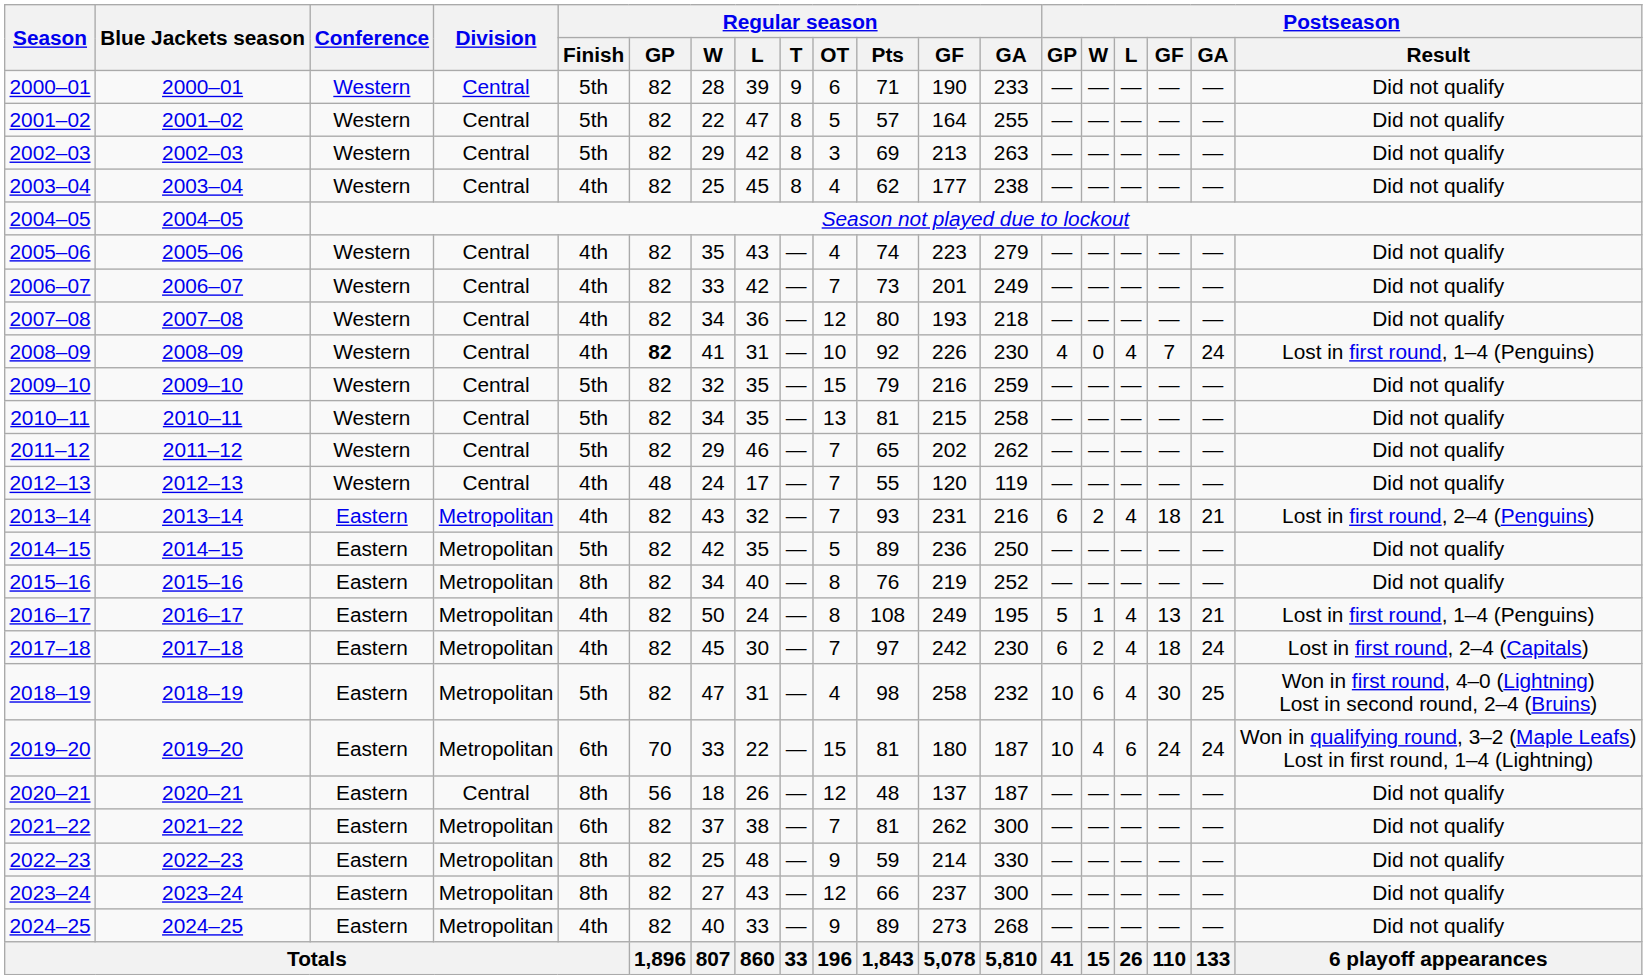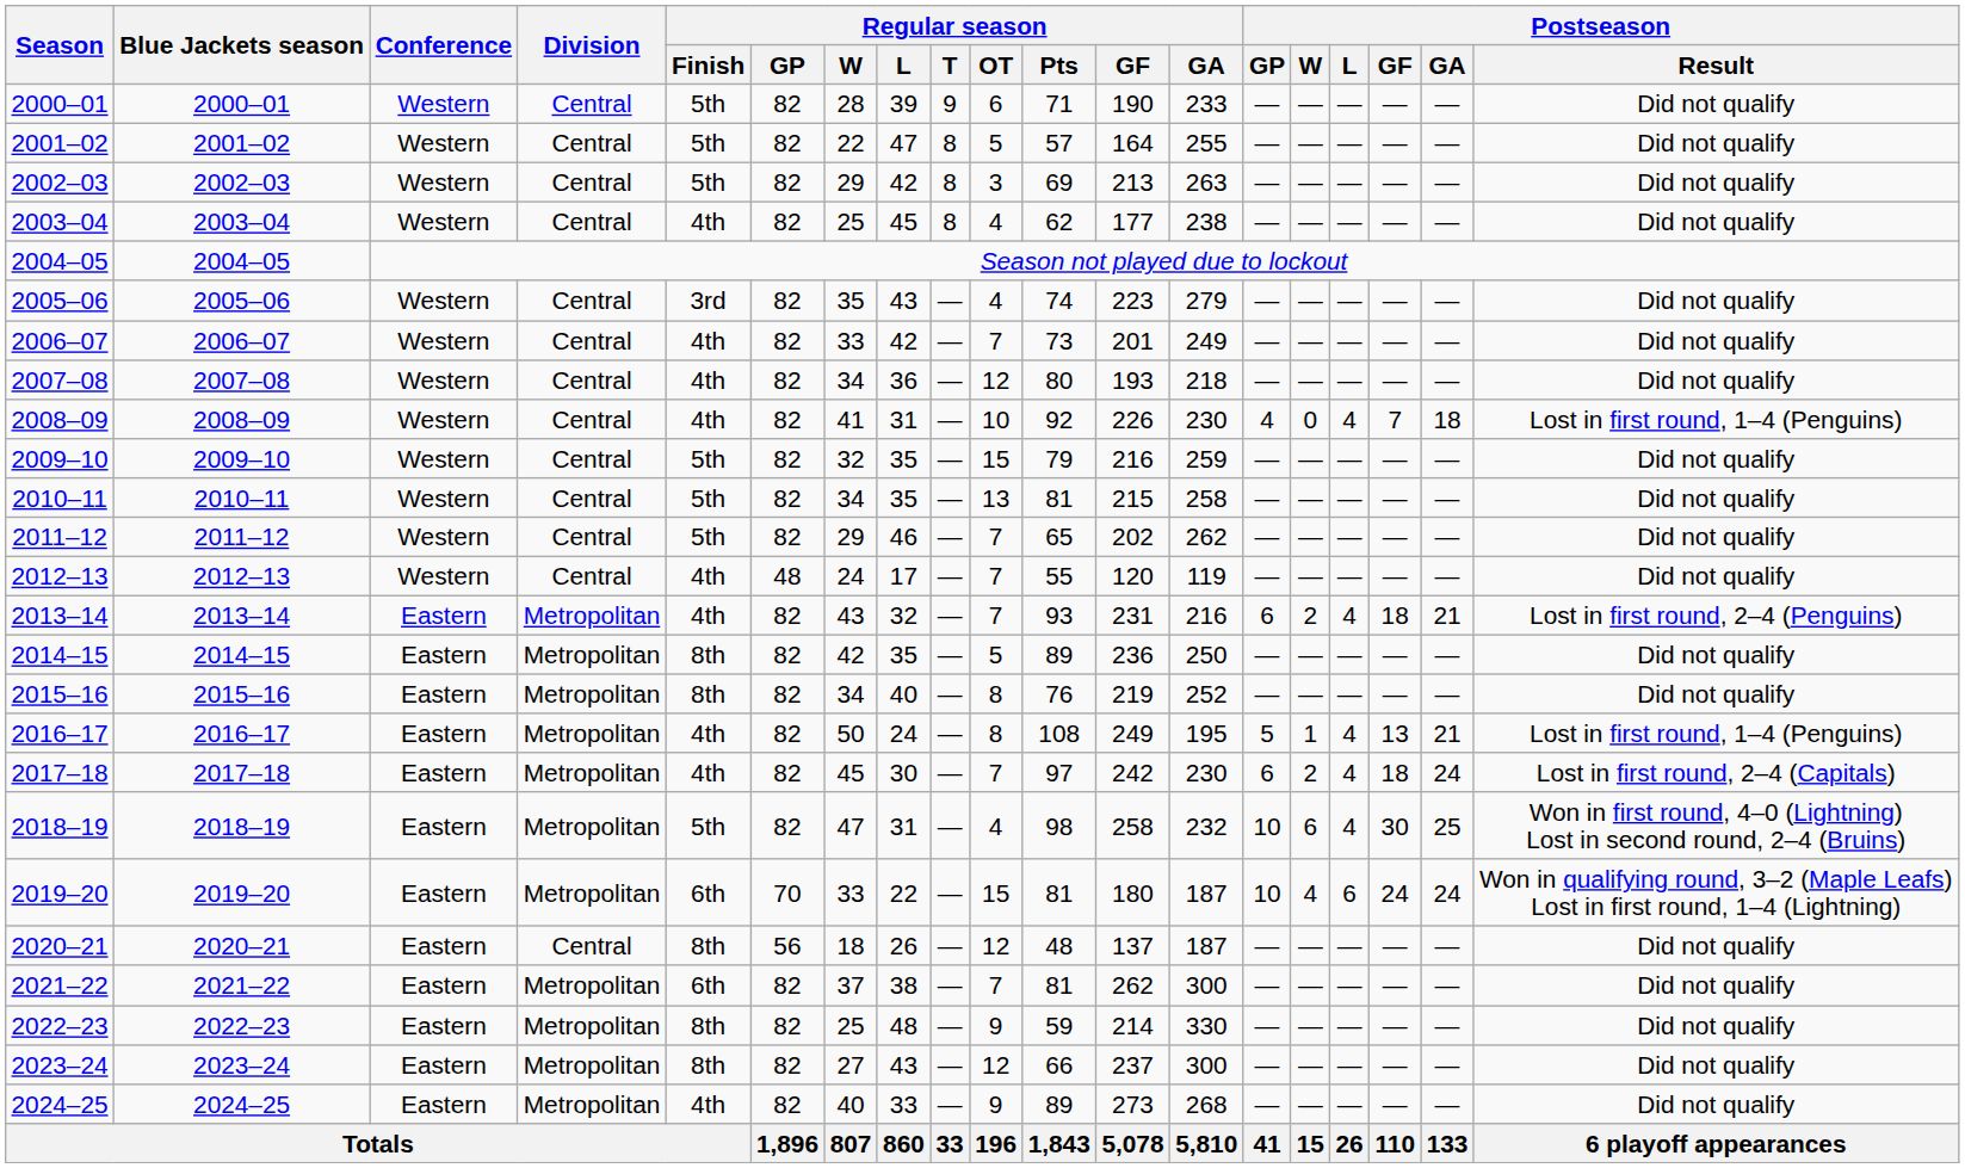 <table class="wikitable" style="text-align:center; font-size: 95%">
 <tr>
 <th rowspan="2"><a href='#'>Season</a></th>
 <th rowspan="2">Blue Jackets season</th>
 <th rowspan="2"><a href='#'>Conference</a></th>
 <th rowspan="2"><a href='#'>Division</a></th>
 <th colspan="9"><a href='#'>Regular season</a></th>
 <th colspan="6"><a href='#'>Postseason</a></th>
 </tr>
 <tr>
 <th>Finish</th>
 <th>GP</th>
 <th>W</th>
 <th>L</th>
 <th>T</th>
 <th>OT</th>
 <th>Pts</th>
 <th>GF</th>
 <th>GA</th>
 <th>GP</th>
 <th>W</th>
 <th>L</th>
 <th>GF</th>
 <th>GA</th>
 <th>Result</th>
 </tr>
 <tr>
 <td><a href='#'>2000–01</a></td>
 <td><a href='#'>2000–01</a></td>
 <td><a href='#'>Western</a></td>
 <td><a href='#'>Central</a></td>
 <td>5th</td>
 <td>82</td>
 <td>28</td>
 <td>39</td>
 <td>9</td>
 <td>6</td>
 <td>71</td>
 <td>190</td>
 <td>233</td>
 <td>—</td>
 <td>—</td>
 <td>—</td>
 <td>—</td>
 <td>—</td>
 <td>Did not qualify</td>
 </tr>
 <tr>
 <td><a href='#'>2001–02</a></td>
 <td><a href='#'>2001–02</a></td>
 <td>Western</td>
 <td>Central</td>
 <td>5th</td>
 <td>82</td>
 <td>22</td>
 <td>47</td>
 <td>8</td>
 <td>5</td>
 <td>57</td>
 <td>164</td>
 <td>255</td>
 <td>—</td>
 <td>—</td>
 <td>—</td>
 <td>—</td>
 <td>—</td>
 <td>Did not qualify</td>
 </tr>
 <tr>
 <td><a href='#'>2002–03</a></td>
 <td><a href='#'>2002–03</a></td>
 <td>Western</td>
 <td>Central</td>
 <td>5th</td>
 <td>82</td>
 <td>29</td>
 <td>42</td>
 <td>8</td>
 <td>3</td>
 <td>69</td>
 <td>213</td>
 <td>263</td>
 <td>—</td>
 <td>—</td>
 <td>—</td>
 <td>—</td>
 <td>—</td>
 <td>Did not qualify</td>
 </tr>
 <tr>
 <td><a href='#'>2003–04</a></td>
 <td><a href='#'>2003–04</a></td>
 <td>Western</td>
 <td>Central</td>
 <td>4th</td>
 <td>82</td>
 <td>25</td>
 <td>45</td>
 <td>8</td>
 <td>4</td>
 <td>62</td>
 <td>177</td>
 <td>238</td>
 <td>—</td>
 <td>—</td>
 <td>—</td>
 <td>—</td>
 <td>—</td>
 <td>Did not qualify</td>
 </tr>
 <tr>
 <td><a href='#'>2004–05</a></td>
 <td><a href='#'>2004–05</a></td>
 <td colspan=19><em><a href='#'>Season not played due to lockout</a></em></td>
 </tr>
 <tr>
 <td><a href='#'>2005–06</a></td>
 <td><a href='#'>2005–06</a></td>
 <td>Western</td>
 <td>Central</td>
-<td>4th</td>
+<td>3rd</td>
 <td>82</td>
 <td>35</td>
 <td>43</td>
 <td>—</td>
 <td>4</td>
 <td>74</td>
 <td>223</td>
 <td>279</td>
 <td>—</td>
 <td>—</td>
 <td>—</td>
 <td>—</td>
 <td>—</td>
 <td>Did not qualify</td>
 </tr>
 <tr>
 <td><a href='#'>2006–07</a></td>
 <td><a href='#'>2006–07</a></td>
 <td>Western</td>
 <td>Central</td>
 <td>4th</td>
 <td>82</td>
 <td>33</td>
 <td>42</td>
 <td>—</td>
 <td>7</td>
 <td>73</td>
 <td>201</td>
 <td>249</td>
 <td>—</td>
 <td>—</td>
 <td>—</td>
 <td>—</td>
 <td>—</td>
 <td>Did not qualify</td>
 </tr>
 <tr>
 <td><a href='#'>2007–08</a></td>
 <td><a href='#'>2007–08</a></td>
 <td>Western</td>
 <td>Central</td>
 <td>4th</td>
 <td>82</td>
 <td>34</td>
 <td>36</td>
 <td>—</td>
 <td>12</td>
 <td>80</td>
 <td>193</td>
 <td>218</td>
 <td>—</td>
 <td>—</td>
 <td>—</td>
 <td>—</td>
 <td>—</td>
 <td>Did not qualify</td>
 </tr>
 <tr>
 <td><a href='#'>2008–09</a></td>
 <td><a href='#'>2008–09</a></td>
 <td>Western</td>
 <td>Central</td>
 <td>4th</td>
-<td><strong>82</strong></td>
+<td>82</td>
 <td>41</td>
 <td>31</td>
 <td>—</td>
 <td>10</td>
 <td>92</td>
 <td>226</td>
 <td>230</td>
 <td>4</td>
 <td>0</td>
 <td>4</td>
 <td>7</td>
-<td>24</td>
+<td>18</td>
 <td>Lost in <a href='#'>first round</a>, 1–4 (Penguins)</td>
 </tr>
 <tr>
 <td><a href='#'>2009–10</a></td>
 <td><a href='#'>2009–10</a></td>
 <td>Western</td>
 <td>Central</td>
 <td>5th</td>
 <td>82</td>
 <td>32</td>
 <td>35</td>
 <td>—</td>
 <td>15</td>
 <td>79</td>
 <td>216</td>
 <td>259</td>
 <td>—</td>
 <td>—</td>
 <td>—</td>
 <td>—</td>
 <td>—</td>
 <td>Did not qualify</td>
 </tr>
 <tr>
 <td><a href='#'>2010–11</a></td>
 <td><a href='#'>2010–11</a></td>
 <td>Western</td>
 <td>Central</td>
 <td>5th</td>
 <td>82</td>
 <td>34</td>
 <td>35</td>
 <td>—</td>
 <td>13</td>
 <td>81</td>
 <td>215</td>
 <td>258</td>
 <td>—</td>
 <td>—</td>
 <td>—</td>
 <td>—</td>
 <td>—</td>
 <td>Did not qualify</td>
 </tr>
 <tr>
 <td><a href='#'>2011–12</a></td>
 <td><a href='#'>2011–12</a></td>
 <td>Western</td>
 <td>Central</td>
 <td>5th</td>
 <td>82</td>
 <td>29</td>
 <td>46</td>
 <td>—</td>
 <td>7</td>
 <td>65</td>
 <td>202</td>
 <td>262</td>
 <td>—</td>
 <td>—</td>
 <td>—</td>
 <td>—</td>
 <td>—</td>
 <td>Did not qualify</td>
 </tr>
 <tr>
 <td><a href='#'>2012–13</a></td>
 <td><a href='#'>2012–13</a></td>
 <td>Western</td>
 <td>Central</td>
 <td>4th</td>
 <td>48</td>
 <td>24</td>
 <td>17</td>
 <td>—</td>
 <td>7</td>
 <td>55</td>
 <td>120</td>
 <td>119</td>
 <td>—</td>
 <td>—</td>
 <td>—</td>
 <td>—</td>
 <td>—</td>
 <td>Did not qualify</td>
 </tr>
 <tr>
 <td><a href='#'>2013–14</a></td>
 <td><a href='#'>2013–14</a></td>
 <td><a href='#'>Eastern</a></td>
 <td><a href='#'>Metropolitan</a></td>
 <td>4th</td>
 <td>82</td>
 <td>43</td>
 <td>32</td>
 <td>—</td>
 <td>7</td>
 <td>93</td>
 <td>231</td>
 <td>216</td>
 <td>6</td>
 <td>2</td>
 <td>4</td>
 <td>18</td>
 <td>21</td>
 <td>Lost in <a href='#'>first round</a>, 2–4 (<a href='#'>Penguins</a>)</td>
 </tr>
 <tr>
 <td><a href='#'>2014–15</a></td>
 <td><a href='#'>2014–15</a></td>
 <td>Eastern</td>
 <td>Metropolitan</td>
-<td>5th</td>
+<td>8th</td>
 <td>82</td>
 <td>42</td>
 <td>35</td>
 <td>—</td>
 <td>5</td>
 <td>89</td>
 <td>236</td>
 <td>250</td>
 <td>—</td>
 <td>—</td>
 <td>—</td>
 <td>—</td>
 <td>—</td>
 <td>Did not qualify</td>
 </tr>
 <tr>
 <td><a href='#'>2015–16</a></td>
 <td><a href='#'>2015–16</a></td>
 <td>Eastern</td>
 <td>Metropolitan</td>
 <td>8th</td>
 <td>82</td>
 <td>34</td>
 <td>40</td>
 <td>—</td>
 <td>8</td>
 <td>76</td>
 <td>219</td>
 <td>252</td>
 <td>—</td>
 <td>—</td>
 <td>—</td>
 <td>—</td>
 <td>—</td>
 <td>Did not qualify</td>
 </tr>
 <tr>
 <td><a href='#'>2016–17</a></td>
 <td><a href='#'>2016–17</a></td>
 <td>Eastern</td>
 <td>Metropolitan</td>
 <td>4th</td>
 <td>82</td>
 <td>50</td>
 <td>24</td>
 <td>—</td>
 <td>8</td>
 <td>108</td>
 <td>249</td>
 <td>195</td>
 <td>5</td>
 <td>1</td>
 <td>4</td>
 <td>13</td>
 <td>21</td>
 <td>Lost in <a href='#'>first round</a>, 1–4 (Penguins)</td>
 </tr>
 <tr>
 <td><a href='#'>2017–18</a></td>
 <td><a href='#'>2017–18</a></td>
 <td>Eastern</td>
 <td>Metropolitan</td>
 <td>4th</td>
 <td>82</td>
 <td>45</td>
 <td>30</td>
 <td>—</td>
 <td>7</td>
 <td>97</td>
 <td>242</td>
 <td>230</td>
 <td>6</td>
 <td>2</td>
 <td>4</td>
 <td>18</td>
 <td>24</td>
 <td>Lost in <a href='#'>first round</a>, 2–4 (<a href='#'>Capitals</a>)</td>
 </tr>
 <tr>
 <td><a href='#'>2018–19</a></td>
 <td><a href='#'>2018–19</a></td>
 <td>Eastern</td>
 <td>Metropolitan</td>
 <td>5th</td>
 <td>82</td>
 <td>47</td>
 <td>31</td>
 <td>—</td>
 <td>4</td>
 <td>98</td>
 <td>258</td>
 <td>232</td>
 <td>10</td>
 <td>6</td>
 <td>4</td>
 <td>30</td>
 <td>25</td>
 <td>Won in <a href='#'>first round</a>, 4–0 (<a href='#'>Lightning</a>)<br>Lost in second round, 2–4 (<a href='#'>Bruins</a>)</td>
 </tr>
 <tr>
 <td><a href='#'>2019–20</a></td>
 <td><a href='#'>2019–20</a></td>
 <td>Eastern</td>
 <td>Metropolitan</td>
 <td>6th</td>
 <td>70</td>
 <td>33</td>
 <td>22</td>
 <td>—</td>
 <td>15</td>
 <td>81</td>
 <td>180</td>
 <td>187</td>
 <td>10</td>
 <td>4</td>
 <td>6</td>
 <td>24</td>
 <td>24</td>
 <td>Won in <a href='#'>qualifying round</a>, 3–2 (<a href='#'>Maple Leafs</a>)<br>Lost in first round, 1–4 (Lightning)</td>
 </tr>
 <tr>
 <td><a href='#'>2020–21</a></td>
 <td><a href='#'>2020–21</a></td>
 <td>Eastern</td>
 <td>Central</td>
 <td>8th</td>
 <td>56</td>
 <td>18</td>
 <td>26</td>
 <td>—</td>
 <td>12</td>
 <td>48</td>
 <td>137</td>
 <td>187</td>
 <td>—</td>
 <td>—</td>
 <td>—</td>
 <td>—</td>
 <td>—</td>
 <td>Did not qualify</td>
 </tr>
 <tr>
 <td><a href='#'>2021–22</a></td>
 <td><a href='#'>2021–22</a></td>
 <td>Eastern</td>
 <td>Metropolitan</td>
 <td>6th</td>
 <td>82</td>
 <td>37</td>
 <td>38</td>
 <td>—</td>
 <td>7</td>
 <td>81</td>
 <td>262</td>
 <td>300</td>
 <td>—</td>
 <td>—</td>
 <td>—</td>
 <td>—</td>
 <td>—</td>
 <td>Did not qualify</td>
 </tr>
 <tr>
 <td><a href='#'>2022–23</a></td>
 <td><a href='#'>2022–23</a></td>
 <td>Eastern</td>
 <td>Metropolitan</td>
 <td>8th</td>
 <td>82</td>
 <td>25</td>
 <td>48</td>
 <td>—</td>
 <td>9</td>
 <td>59</td>
 <td>214</td>
 <td>330</td>
 <td>—</td>
 <td>—</td>
 <td>—</td>
 <td>—</td>
 <td>—</td>
 <td>Did not qualify</td>
 </tr>
 <tr>
 <td><a href='#'>2023–24</a></td>
 <td><a href='#'>2023–24</a></td>
 <td>Eastern</td>
 <td>Metropolitan</td>
 <td>8th</td>
 <td>82</td>
 <td>27</td>
 <td>43</td>
 <td>—</td>
 <td>12</td>
 <td>66</td>
 <td>237</td>
 <td>300</td>
 <td>—</td>
 <td>—</td>
 <td>—</td>
 <td>—</td>
 <td>—</td>
 <td>Did not qualify</td>
 </tr>
 <tr>
 <td><a href='#'>2024–25</a></td>
 <td><a href='#'>2024–25</a></td>
 <td>Eastern</td>
 <td>Metropolitan</td>
 <td>4th</td>
 <td>82</td>
 <td>40</td>
 <td>33</td>
 <td>—</td>
 <td>9</td>
 <td>89</td>
 <td>273</td>
 <td>268</td>
 <td>—</td>
 <td>—</td>
 <td>—</td>
 <td>—</td>
 <td>—</td>
 <td>Did not qualify</td>
 </tr>
 <tr>
 <th colspan="5">Totals</th>
 <th>1,896</th>
 <th>807</th>
 <th>860</th>
 <th>33</th>
 <th>196</th>
 <th>1,843</th>
 <th>5,078</th>
 <th>5,810</th>
 <th>41</th>
 <th>15</th>
 <th>26</th>
 <th>110</th>
 <th>133</th>
 <th>6 playoff appearances</th>
 </tr>
 </table>
